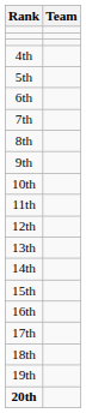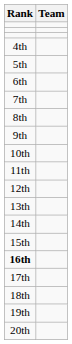 <table class=wikitable style="text-align:center;">
 <tr>
 <th>Rank</th>
 <th>Team</th>
 </tr>
 <tr>
 <td></td>
 <td align=left></td>
 </tr>
 <tr>
 <td></td>
 <td align=left></td>
 </tr>
 <tr>
 <td></td>
 <td align=left></td>
 </tr>
 <tr>
 <td>4th</td>
 <td align=left></td>
 </tr>
 <tr>
 <td>5th</td>
 <td align=left></td>
 </tr>
 <tr>
 <td>6th</td>
 <td align=left></td>
 </tr>
 <tr>
 <td>7th</td>
 <td align=left></td>
 </tr>
 <tr>
 <td>8th</td>
 <td align=left></td>
 </tr>
 <tr>
 <td>9th</td>
 <td align=left></td>
 </tr>
 <tr>
 <td>10th</td>
 <td align=left></td>
 </tr>
 <tr>
 <td>11th</td>
 <td align=left></td>
 </tr>
 <tr>
 <td>12th</td>
 <td align=left></td>
 </tr>
 <tr>
 <td>13th</td>
 <td align=left></td>
 </tr>
 <tr>
 <td>14th</td>
 <td align=left></td>
 </tr>
 <tr>
 <td>15th</td>
 <td align=left></td>
 </tr>
 <tr>
-<td>16th</td>
+<td><strong>16th</strong></td>
 <td align=left></td>
 </tr>
 <tr>
 <td>17th</td>
 <td align=left></td>
 </tr>
 <tr>
 <td>18th</td>
 <td align=left></td>
 </tr>
 <tr>
 <td>19th</td>
 <td align=left></td>
 </tr>
 <tr>
-<td><strong>20th</strong></td>
+<td>20th</td>
 <td align=left></td>
 </tr>
 </table>
